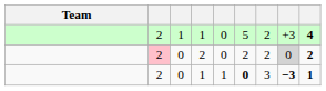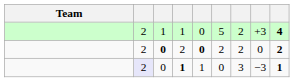 <table class="wikitable" style="text-align:center">
 <tr>
 <th width="175">Team</th>
 <th width="20"></th>
 <th width="20"></th>
 <th width="20"></th>
 <th width="20"></th>
 <th width="20"></th>
 <th width="20"></th>
 <th width="20"></th>
 <th width="20"></th>
 </tr>
 <tr bgcolor=ccffcc>
 <td align=left></td>
 <td>2</td>
 <td>1</td>
 <td>1</td>
 <td>0</td>
 <td>5</td>
 <td>2</td>
 <td>+3</td>
 <td><strong>4</strong></td>
 </tr>
 <tr>
 <td align=left></td>
-<td style="background: pink;">2</td>
-<td>0</td>
+<td>2</td>
+<td><strong>0</strong></td>
+<td>2</td>
+<td><strong>0</strong></td>
+<td>2</td>
 <td>2</td>
 <td>0</td>
-<td>2</td>
-<td>2</td>
-<td style="background: lightgrey;">0</td>
 <td><strong>2</strong></td>
 </tr>
 <tr>
 <td align=left></td>
-<td>2</td>
+<td style="background: lavender;">2</td>
 <td>0</td>
+<td><strong>1</strong></td>
 <td>1</td>
-<td>1</td>
-<td><strong>0</strong></td>
+<td>0</td>
 <td>3</td>
-<td><strong>−3</strong></td>
+<td>−3</td>
 <td><strong>1</strong></td>
 </tr>
 </table>
